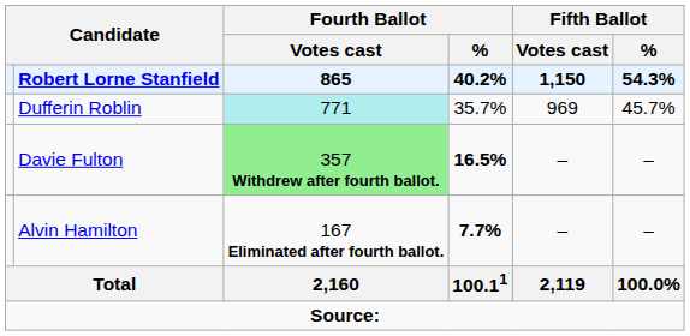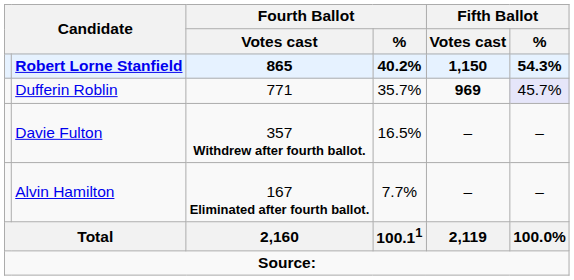 <table class="wikitable">
 <tr>
 <th rowspan="2" colspan="2">Candidate</th>
 <th colspan = "2">Fourth Ballot</th>
 <th colspan = "2">Fifth Ballot</th>
 </tr>
 <tr>
 <th>Votes cast</th>
 <th>%</th>
 <th>Votes cast</th>
 <th>%</th>
 </tr>
 <tr style="background:#E6F2FF">
 <td></td>
 <td><strong><a href='#'>Robert Lorne Stanfield</a></strong></td>
 <td align = "center"><strong>865</strong></td>
 <td align = "center"><strong>40.2%</strong></td>
 <td align = "center"><strong>1,150</strong></td>
 <td align = "center"><strong>54.3%</strong></td>
 </tr>
 <tr>
 <td></td>
 <td><a href='#'>Dufferin Roblin</a></td>
-<td align = "center" style="background: paleturquoise;">771</td>
+<td align = "center">771</td>
 <td align = "center">35.7%</td>
-<td align = "center">969</td>
-<td align = "center">45.7%</td>
+<td align = "center"><strong>969</strong></td>
+<td align = "center" style="background: lavender;">45.7%</td>
 </tr>
 <tr>
 <td></td>
 <td><a href='#'>Davie Fulton</a></td>
-<td align = "center" style="background: lightgreen;"><br>357<br><strong><small>Withdrew after fourth ballot.</small></strong></td>
-<td align = "center"><strong>16.5%</strong></td>
+<td align = "center"><br>357<br><strong><small>Withdrew after fourth ballot.</small></strong></td>
+<td align = "center">16.5%</td>
 <td align = "center">–</td>
 <td align = "center">–</td>
 </tr>
 <tr>
 <td></td>
 <td><a href='#'>Alvin Hamilton</a></td>
 <td align = "center"><br>167<br><strong><small>Eliminated after fourth ballot.</small></strong></td>
-<td align = "center"><strong>7.7%</strong></td>
+<td align = "center">7.7%</td>
 <td align = "center">–</td>
 <td align = "center">–</td>
 </tr>
 <tr>
 <th colspan = "2">Total</th>
 <th>2,160</th>
 <th>100.1<sup>1</sup></th>
 <th>2,119</th>
 <th>100.0%</th>
 </tr>
 <tr>
 <td align="center" colspan=6><strong>Source:</strong>  </td>
 </tr>
 </table>
